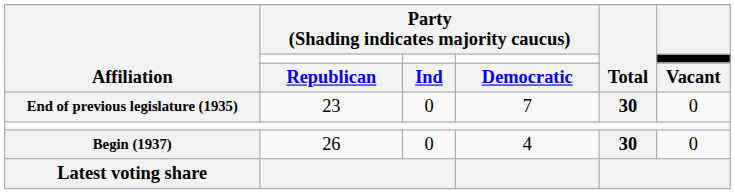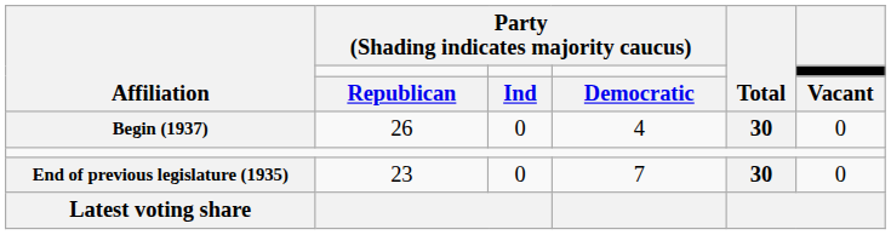 <table class=wikitable style="text-align:center; width:50%">
 <tr style="vertical-align:bottom;">
 <th rowspan=3>Affiliation</th>
 <th colspan=3>Party <div>(Shading indicates majority caucus)</div></th>
 <th rowspan=3>Total</th>
 <th></th>
 </tr>
 <tr style="height:5px">
 <td style="background-color:"></td>
 <td style="background-color:"></td>
 <td style="background-color:"></td>
 <td style="background-color:black"></td>
 </tr>
 <tr>
 <th><a href='#'>Republican</a></th>
 <th><a href='#'>Ind</a></th>
 <th><a href='#'>Democratic</a></th>
 <th>Vacant</th>
 </tr>
 <tr>
-<th nowrap style="font-size:80%">End of previous legislature (1935)</th>
-<td>23</td>
+<th nowrap style="font-size:80%">Begin (1937)</th>
+<td>26</td>
 <td>0</td>
-<td>7</td>
+<td>4</td>
 <th>30</th>
 <td>0</td>
 </tr>
 <tr>
 <td colspan=6></td>
 </tr>
 <tr>
-<th nowrap style="font-size:80%">Begin (1937)</th>
-<td>26</td>
+<th nowrap style="font-size:80%">End of previous legislature (1935)</th>
+<td>23</td>
 <td>0</td>
-<td>4</td>
+<td>7</td>
 <th>30</th>
 <td>0</td>
 </tr>
 <tr>
 <th>Latest voting share</th>
 <th colspan=2 ></th>
 <th></th>
 <th colspan=2></th>
 </tr>
 </table>
